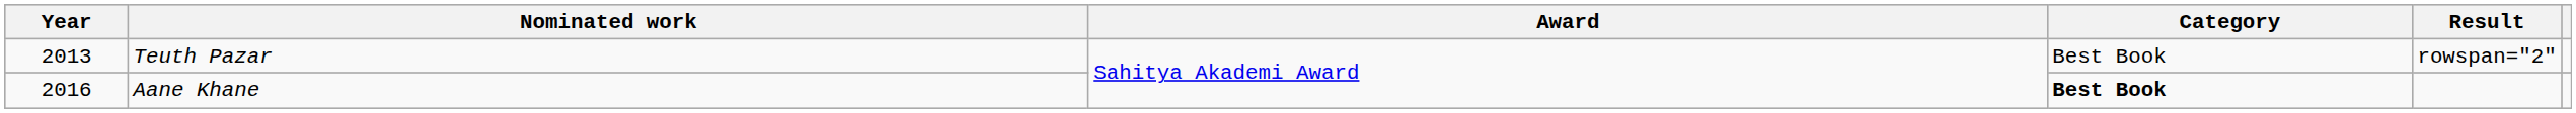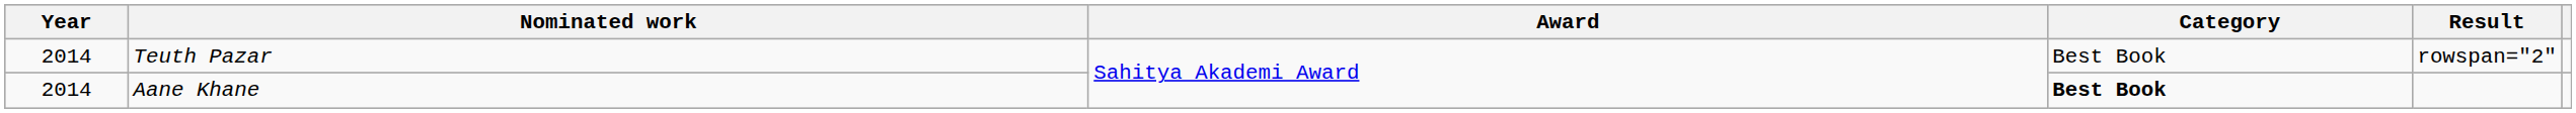 <table class="wikitable sortable" width=100%>
 <tr>
 <th width=5%>Year</th>
 <th style="width:40%;">Nominated work</th>
 <th style="width:40%;">Award</th>
 <th style="width:40%;">Category</th>
 <th style="width:10%;">Result</th>
 <th width=5%></th>
 </tr>
 <tr>
-<td style="text-align:center;">2013</td>
+<td style="text-align:center;">2014</td>
 <td style="text-align:left;"><em>Teuth Pazar</em></td>
 <td rowspan="2"><a href='#'>Sahitya Akademi Award</a></td>
 <td style="text-align:left;">Best Book</td>
 <td>rowspan="2"</td>
 <td style="text-align:center;"></td>
 </tr>
 <tr>
-<td style="text-align:center;">2016</td>
+<td style="text-align:center;">2014</td>
 <td style="text-align:left;"><em>Aane Khane</em></td>
 <td style="text-align:left;"><strong>Best Book</strong></td>
 <td style="text-align:center;"></td>
 </tr>
 </table>
